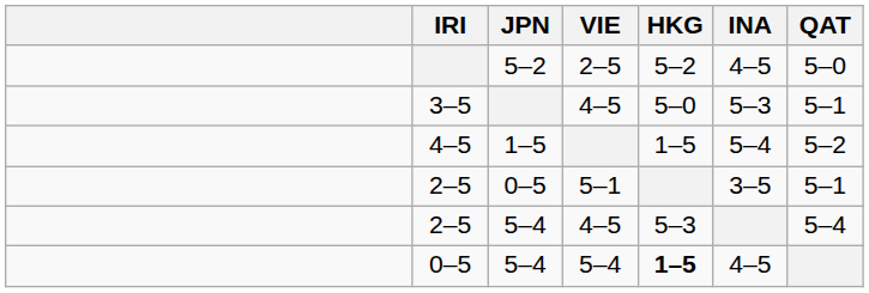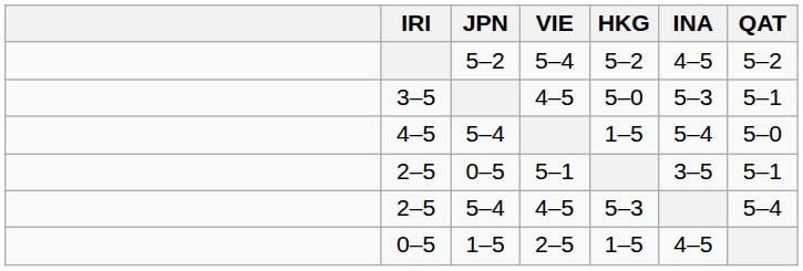 <table class="wikitable" style="text-align:center">
 <tr>
 <th width="250"> </th>
 <th width="40">IRI</th>
 <th width="40">JPN</th>
 <th width="40">VIE</th>
 <th width="40">HKG</th>
 <th width="40">INA</th>
 <th width="40">QAT</th>
 </tr>
 <tr>
 <td align=left></td>
 <th></th>
 <td>5–2</td>
-<td>2–5</td>
+<td>5–4</td>
 <td>5–2</td>
 <td>4–5</td>
-<td>5–0</td>
+<td>5–2</td>
 </tr>
 <tr>
 <td align=left></td>
 <td>3–5</td>
 <th></th>
 <td>4–5</td>
 <td>5–0</td>
 <td>5–3</td>
 <td>5–1</td>
 </tr>
 <tr>
 <td align=left></td>
 <td>4–5</td>
-<td>1–5</td>
+<td>5–4</td>
 <th></th>
 <td>1–5</td>
 <td>5–4</td>
-<td>5–2</td>
+<td>5–0</td>
 </tr>
 <tr>
 <td align=left></td>
 <td>2–5</td>
 <td>0–5</td>
 <td>5–1</td>
 <th></th>
 <td>3–5</td>
 <td>5–1</td>
 </tr>
 <tr>
 <td align=left></td>
 <td>2–5</td>
 <td>5–4</td>
 <td>4–5</td>
 <td>5–3</td>
 <th></th>
 <td>5–4</td>
 </tr>
 <tr>
 <td align=left></td>
 <td>0–5</td>
-<td>5–4</td>
-<td>5–4</td>
-<td><strong>1–5</strong></td>
+<td>1–5</td>
+<td>2–5</td>
+<td>1–5</td>
 <td>4–5</td>
 <th></th>
 </tr>
 </table>
